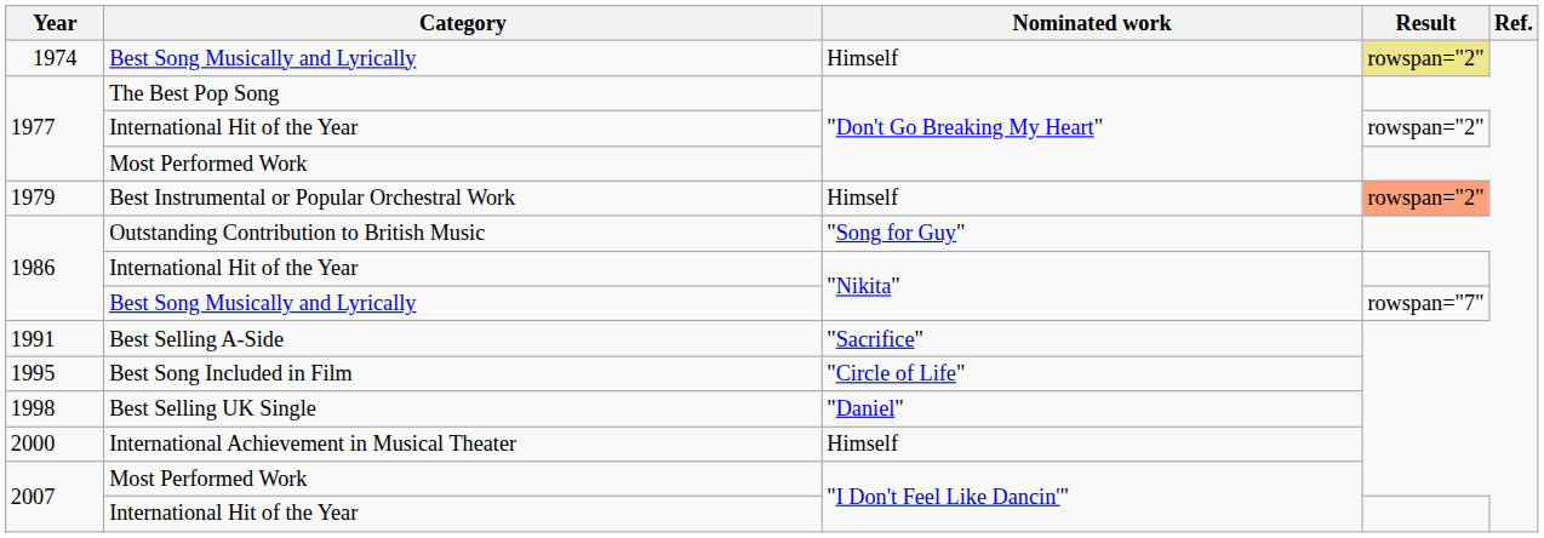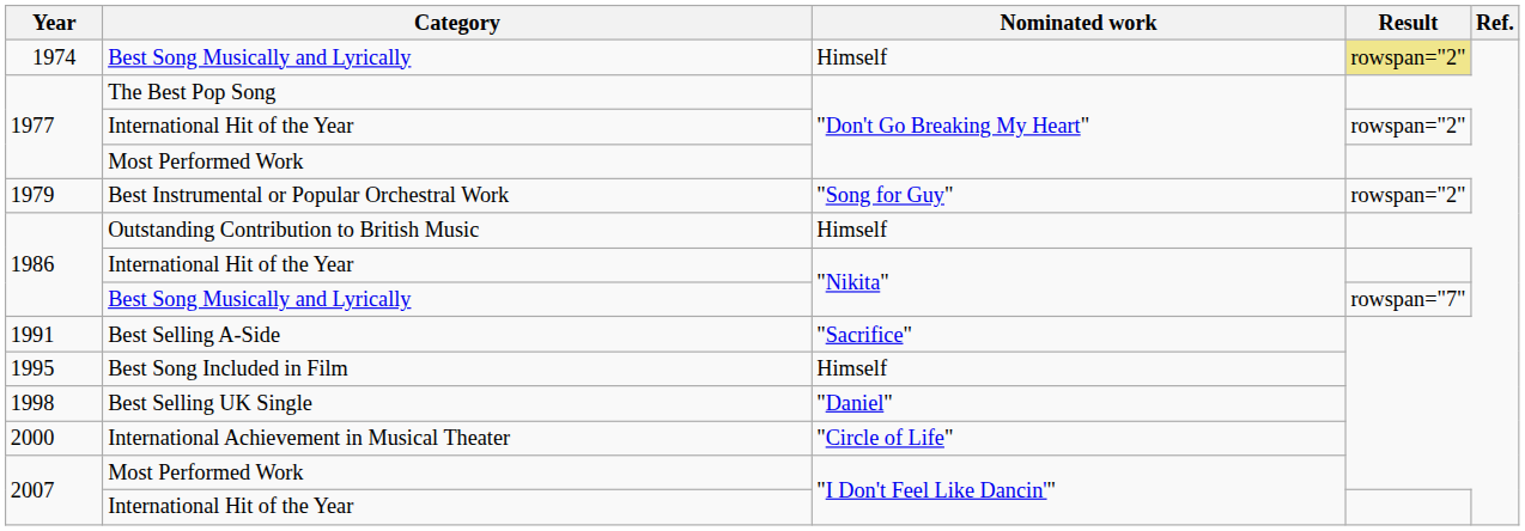 <table class=wikitable>
 <tr>
 <th scope="col" style="width:4em;">Year</th>
 <th scope="col" style="width:32em;">Category</th>
 <th scope="col" style="width:24em;">Nominated work</th>
 <th scope="col" style="width:5em;">Result</th>
 <th>Ref.</th>
 </tr>
 <tr>
 <td style="text-align:center;">1974</td>
 <td><a href='#'>Best Song Musically and Lyrically</a></td>
 <td>Himself</td>
 <td style="background: khaki;">rowspan="2" </td>
 </tr>
 <tr>
 <td rowspan="3">1977</td>
 <td>The Best Pop Song</td>
 <td rowspan="3">"<a href='#'>Don't Go Breaking My Heart</a>"</td>
 </tr>
 <tr>
 <td>International Hit of the Year</td>
 <td>rowspan="2" </td>
 </tr>
 <tr>
 <td>Most Performed Work</td>
 </tr>
 <tr>
 <td>1979</td>
 <td>Best Instrumental or Popular Orchestral Work</td>
-<td>Himself</td>
-<td style="background: lightsalmon;">rowspan="2" </td>
+<td>"<a href='#'>Song for Guy</a>"</td>
+<td>rowspan="2" </td>
 </tr>
 <tr>
 <td rowspan="3">1986</td>
 <td>Outstanding Contribution to British Music</td>
-<td>"<a href='#'>Song for Guy</a>"</td>
+<td>Himself</td>
 </tr>
 <tr>
 <td>International Hit of the Year</td>
 <td rowspan="2">"<a href='#'>Nikita</a>"</td>
 <td></td>
 </tr>
 <tr>
 <td rowspan="2"><a href='#'>Best Song Musically and Lyrically</a></td>
 <td>rowspan="7" </td>
 </tr>
 <tr>
 <td rowspan="2">1991</td>
 <td rowspan="2">"<a href='#'>Sacrifice</a>"</td>
 </tr>
 <tr>
 <td>Best Selling A-Side</td>
 </tr>
 <tr>
 <td>1995</td>
 <td>Best Song Included in Film</td>
-<td>"<a href='#'>Circle of Life</a>"</td>
+<td>Himself</td>
 </tr>
 <tr>
 <td>1998</td>
 <td>Best Selling UK Single</td>
 <td>"<a href='#'>Daniel</a>"</td>
 </tr>
 <tr>
 <td>2000</td>
 <td>International Achievement in Musical Theater</td>
-<td>Himself</td>
+<td>"<a href='#'>Circle of Life</a>"</td>
 </tr>
 <tr>
 <td rowspan="2">2007</td>
 <td>Most Performed Work</td>
 <td rowspan="2">"<a href='#'>I Don't Feel Like Dancin'</a>"</td>
 </tr>
 <tr>
 <td>International Hit of the Year</td>
 <td></td>
 </tr>
 </table>
